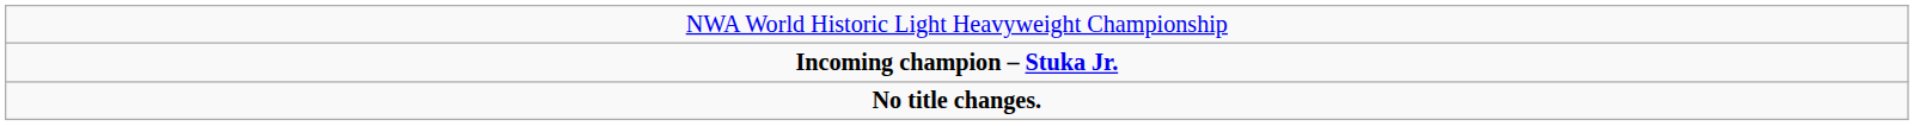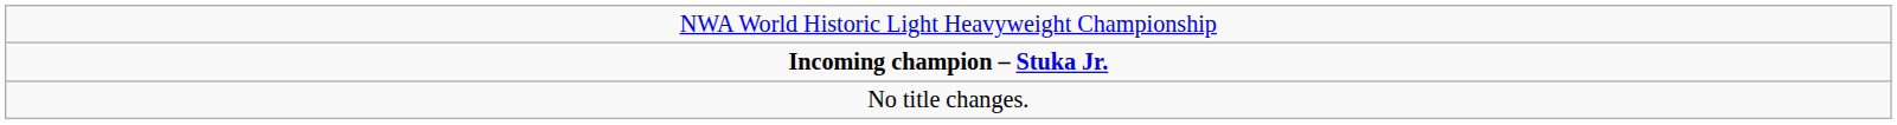 <table class="wikitable" style="text-align:center; width:100%;">
 <tr>
 <td style="text-align: center;"><a href='#'>NWA World Historic Light Heavyweight Championship</a></td>
 </tr>
 <tr>
 <td style="text-align: center;"><strong>Incoming champion – <a href='#'>Stuka Jr.</a></strong></td>
 </tr>
 <tr>
-<td><strong>No title changes.</strong></td>
+<td>No title changes.</td>
 </tr>
 </table>
